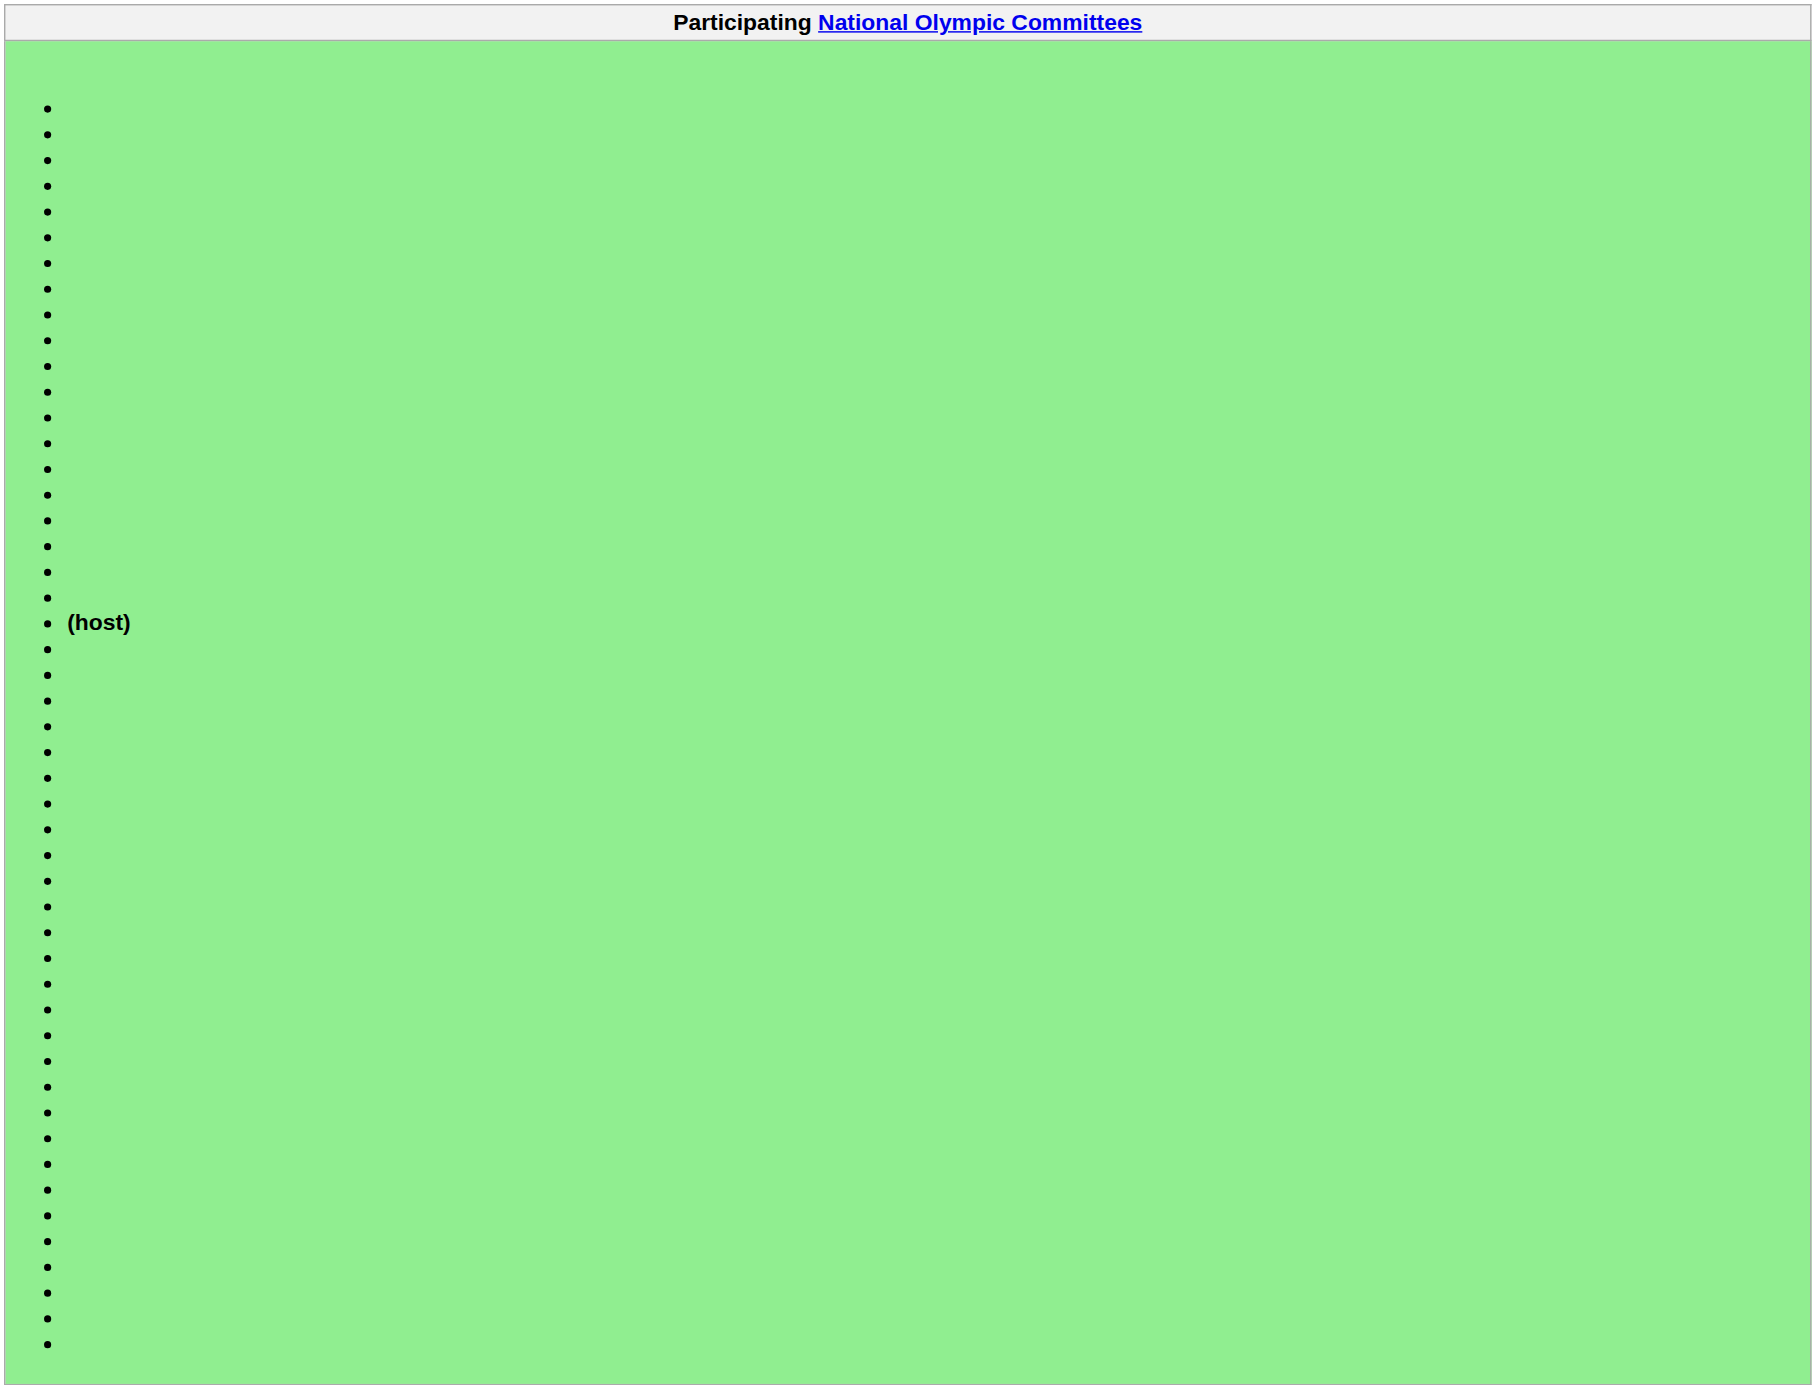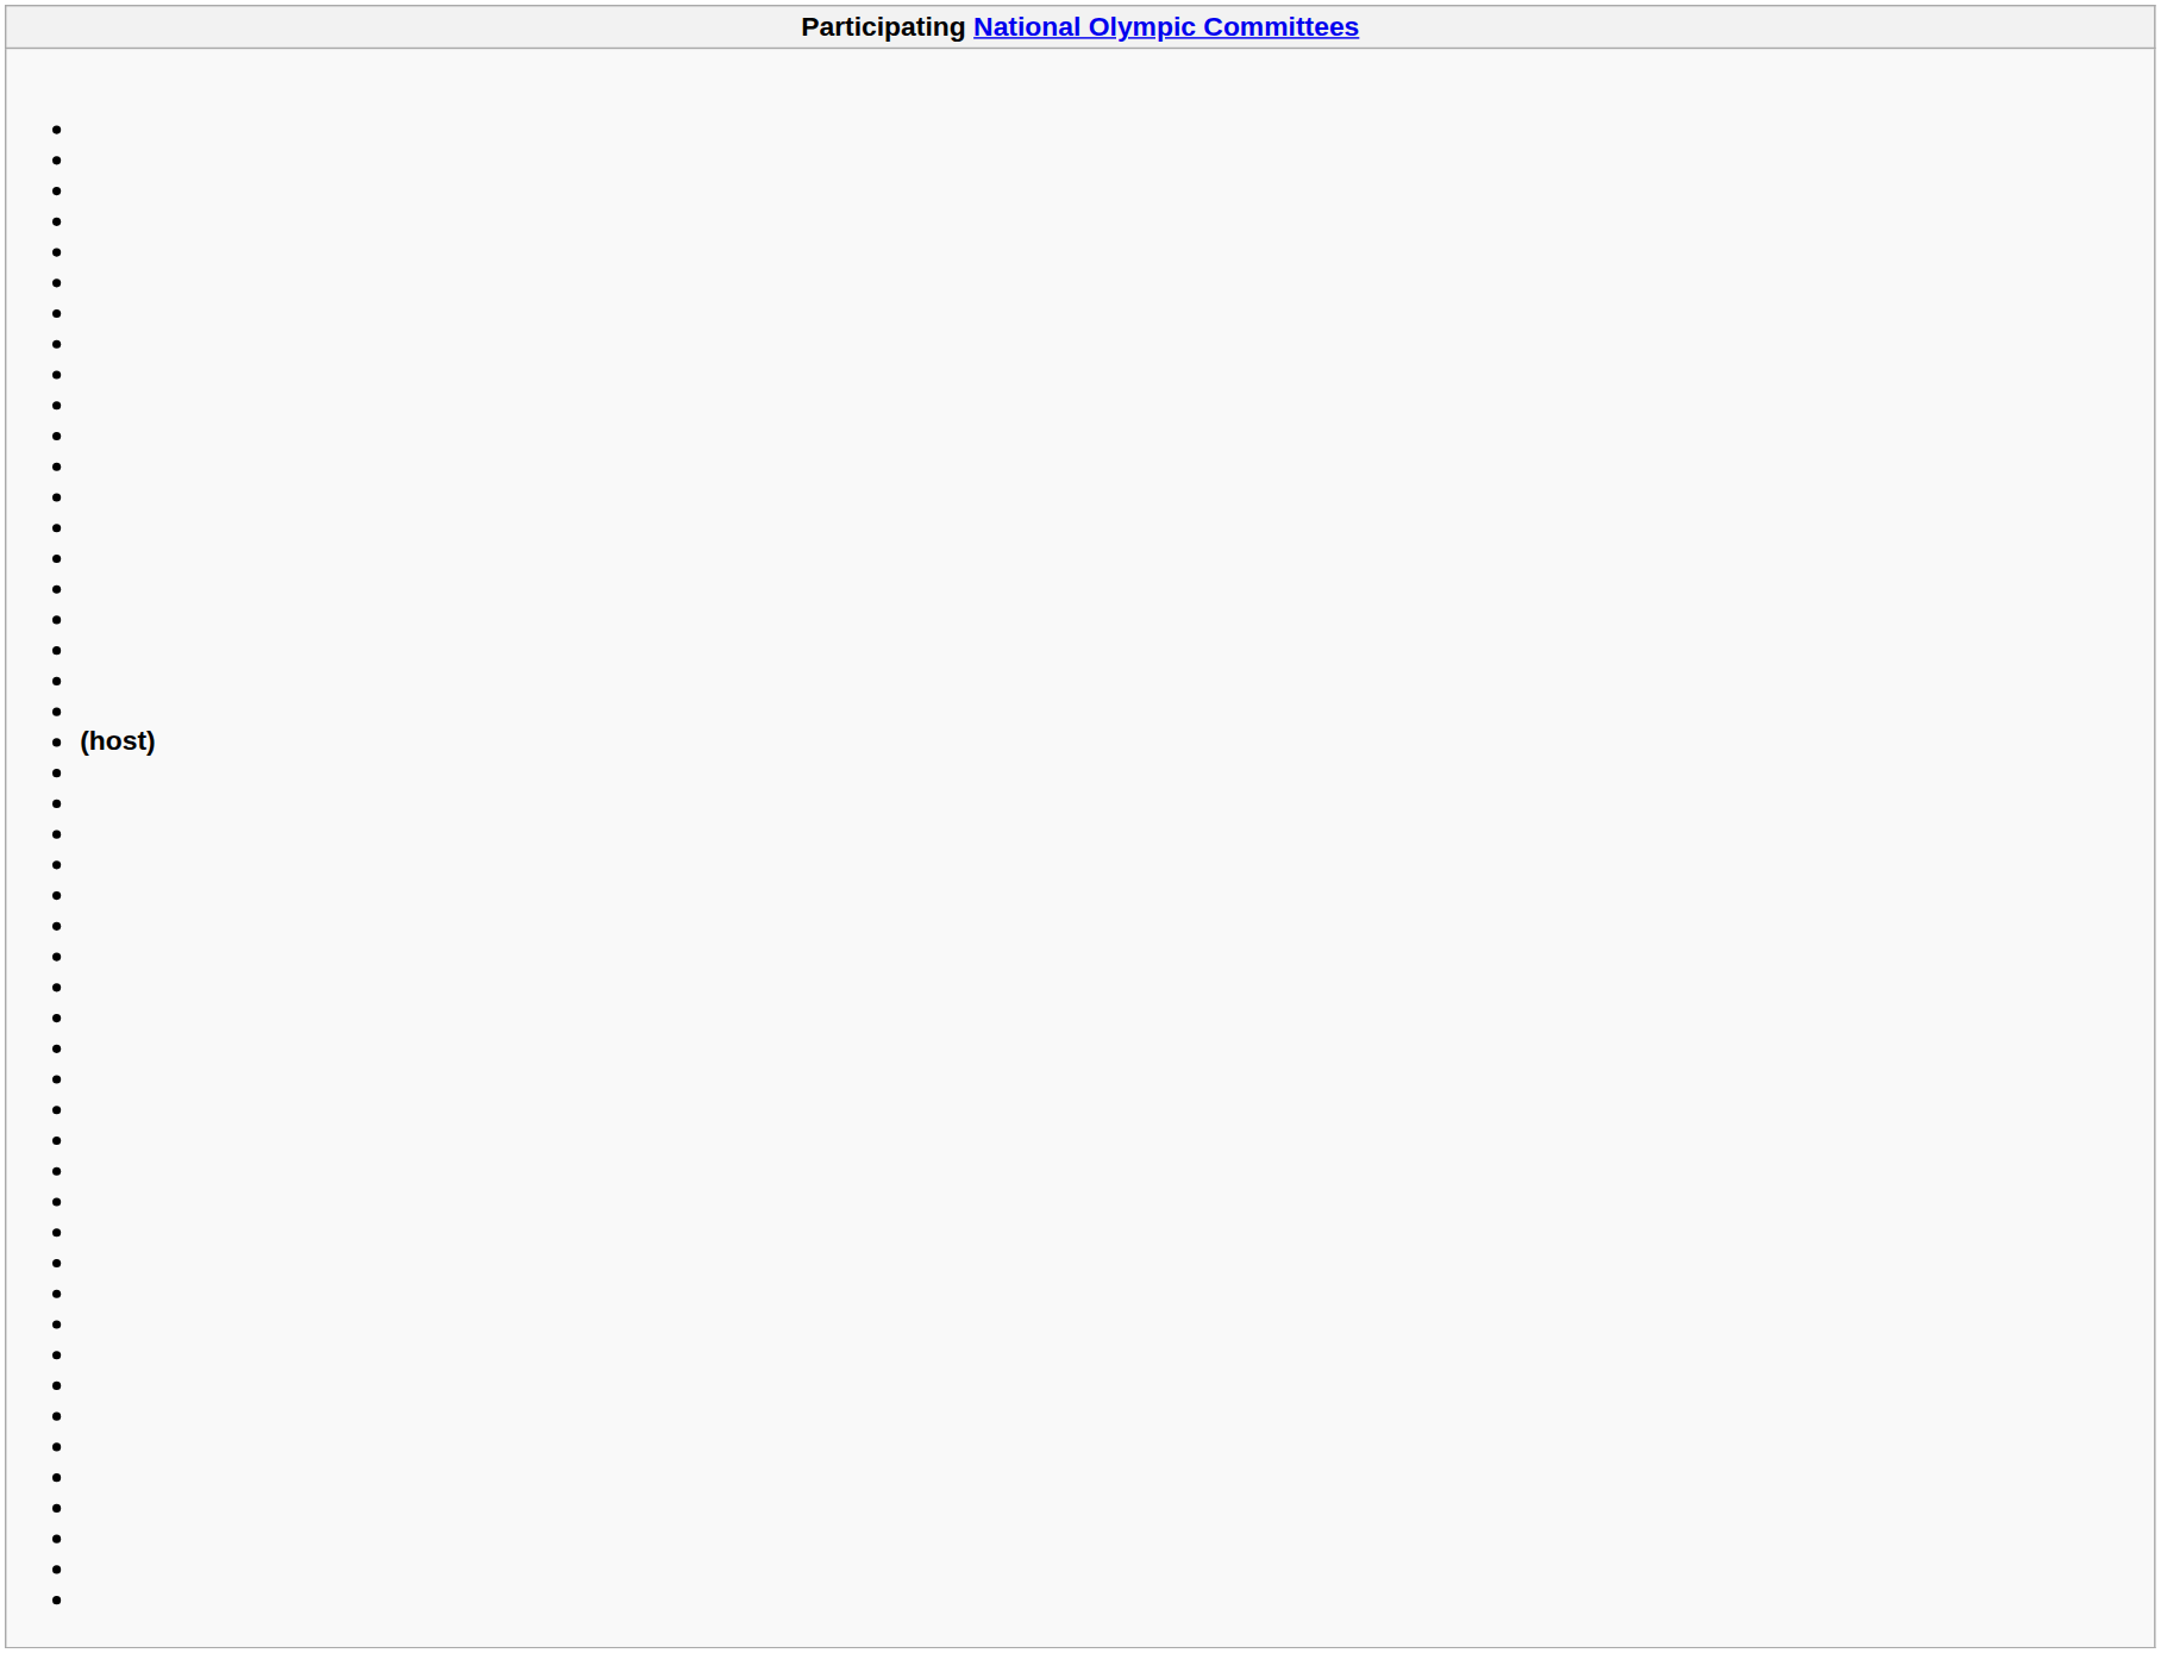 <table class="wikitable collapsible" style="width:100%;">
 <tr>
 <th>Participating <a href='#'>National Olympic Committees</a></th>
 </tr>
 <tr>
-<td style="background: lightgreen;"><br><ul><li></li><li></li><li></li><li></li><li></li><li></li><li></li><li></li><li></li><li></li><li></li><li></li><li></li><li></li><li></li><li></li><li></li><li></li><li></li><li></li><li> <strong>(host)</strong></li><li></li><li></li><li></li><li></li><li></li><li></li><li></li><li></li><li></li><li></li><li></li><li></li><li></li><li></li><li></li><li></li><li></li><li></li><li></li><li></li><li></li><li></li><li></li><li></li><li></li><li></li><li></li><li></li></ul></td>
+<td><br><ul><li></li><li></li><li></li><li></li><li></li><li></li><li></li><li></li><li></li><li></li><li></li><li></li><li></li><li></li><li></li><li></li><li></li><li></li><li></li><li></li><li> <strong>(host)</strong></li><li></li><li></li><li></li><li></li><li></li><li></li><li></li><li></li><li></li><li></li><li></li><li></li><li></li><li></li><li></li><li></li><li></li><li></li><li></li><li></li><li></li><li></li><li></li><li></li><li></li><li></li><li></li><li></li></ul></td>
 </tr>
 </table>
